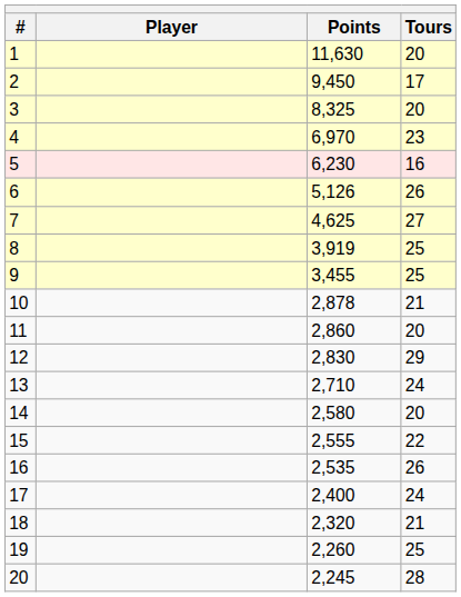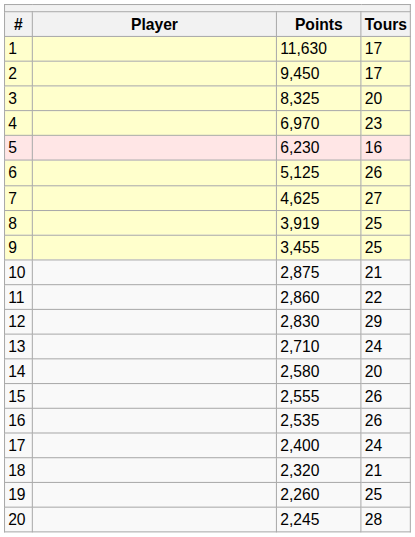 <table class="wikitable" style="font-size:95%">
 <tr>
 <th colspan="5"></th>
 </tr>
 <tr>
 <th width="20">#</th>
 <th width="230">Player</th>
 <th width="75">Points</th>
 <th width="15">Tours</th>
 </tr>
 <tr bgcolor="#ffffcc">
 <td>1</td>
 <td align="left"></td>
 <td>11,630</td>
-<td>20</td>
+<td>17</td>
 </tr>
 <tr bgcolor="#ffffcc">
 <td>2</td>
 <td align="left"></td>
 <td>9,450</td>
 <td>17</td>
 </tr>
 <tr bgcolor="#ffffcc">
 <td>3</td>
 <td align="left"></td>
 <td>8,325</td>
 <td>20</td>
 </tr>
 <tr bgcolor="#ffffcc">
 <td>4</td>
 <td align="left"></td>
 <td>6,970</td>
 <td>23</td>
 </tr>
 <tr bgcolor="FFE6E6">
 <td>5</td>
 <td align="left"></td>
 <td>6,230</td>
 <td>16</td>
 </tr>
 <tr bgcolor="#ffffcc">
 <td>6</td>
 <td align="left"></td>
-<td>5,126</td>
+<td>5,125</td>
 <td>26</td>
 </tr>
 <tr bgcolor="#ffffcc">
 <td>7</td>
 <td align="left"></td>
 <td>4,625</td>
 <td>27</td>
 </tr>
 <tr bgcolor="#ffffcc">
 <td>8</td>
 <td align="left"></td>
 <td>3,919</td>
 <td>25</td>
 </tr>
 <tr bgcolor="#ffffcc">
 <td>9</td>
 <td align="left"></td>
 <td>3,455</td>
 <td>25</td>
 </tr>
 <tr>
 <td>10</td>
 <td align="left"></td>
-<td>2,878</td>
+<td>2,875</td>
 <td>21</td>
 </tr>
 <tr>
 <td>11</td>
 <td align="left"></td>
 <td>2,860</td>
-<td>20</td>
+<td>22</td>
 </tr>
 <tr>
 <td>12</td>
 <td align="left"></td>
 <td>2,830</td>
 <td>29</td>
 </tr>
 <tr>
 <td>13</td>
 <td align="left"></td>
 <td>2,710</td>
 <td>24</td>
 </tr>
 <tr>
 <td>14</td>
 <td align="left"></td>
 <td>2,580</td>
 <td>20</td>
 </tr>
 <tr>
 <td>15</td>
 <td align="left"></td>
 <td>2,555</td>
-<td>22</td>
+<td>26</td>
 </tr>
 <tr>
 <td>16</td>
 <td align="left"></td>
 <td>2,535</td>
 <td>26</td>
 </tr>
 <tr>
 <td>17</td>
 <td align="left"></td>
 <td>2,400</td>
 <td>24</td>
 </tr>
 <tr>
 <td>18</td>
 <td align="left"></td>
 <td>2,320</td>
 <td>21</td>
 </tr>
 <tr>
 <td>19</td>
 <td align="left"></td>
 <td>2,260</td>
 <td>25</td>
 </tr>
 <tr>
 <td>20</td>
 <td align="left"></td>
 <td>2,245</td>
 <td>28</td>
 </tr>
 </table>
